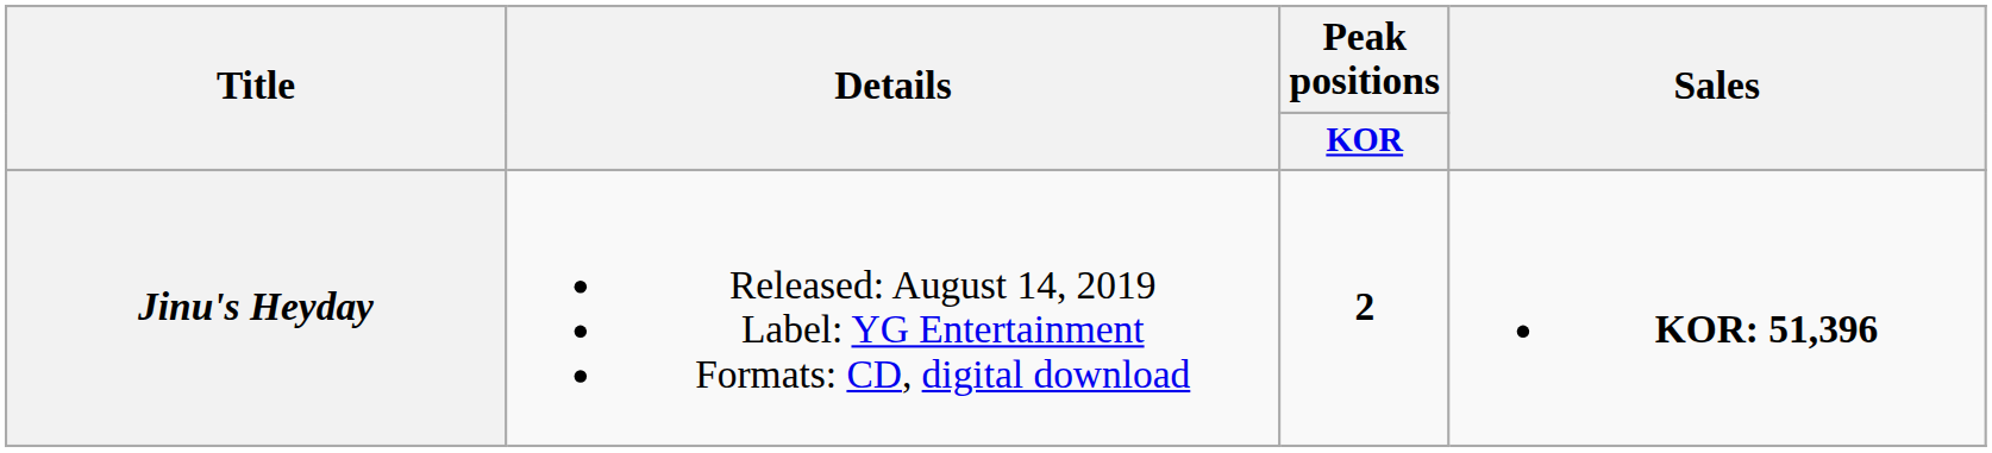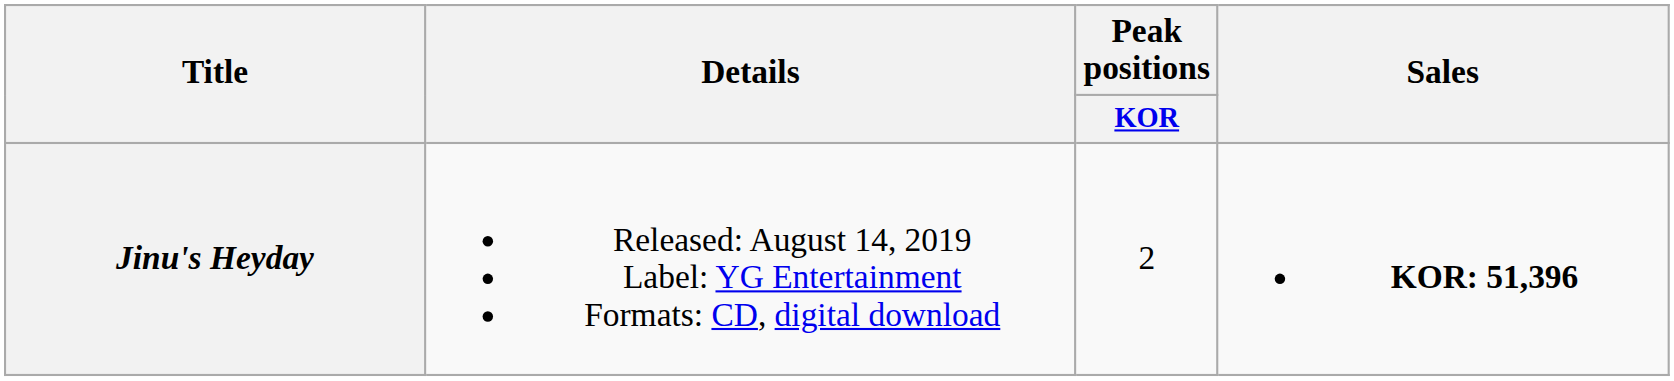 <table class="wikitable plainrowheaders" style="text-align:center;">
 <tr>
 <th scope="col" rowspan="2" style="width:12.1em;">Title</th>
 <th rowspan="2" style="width:19em;">Details</th>
 <th scope="col" colspan="1">Peak positions</th>
 <th scope="col" rowspan="2" style="width:13em;">Sales</th>
 </tr>
 <tr>
 <th scope="col" style="width:2.5em;font-size:85%;"><a href='#'>KOR</a><br></th>
 </tr>
 <tr>
 <th scope="row"><em>Jinu's Heyday</em></th>
 <td><br><ul><li>Released: August 14, 2019</li><li>Label: <a href='#'>YG Entertainment</a></li><li>Formats: <a href='#'>CD</a>, <a href='#'>digital download</a></li></ul></td>
-<td><strong>2</strong></td>
+<td>2</td>
 <td><strong><br><ul><li>KOR: 51,396</li></ul></strong></td>
 </tr>
 </table>
